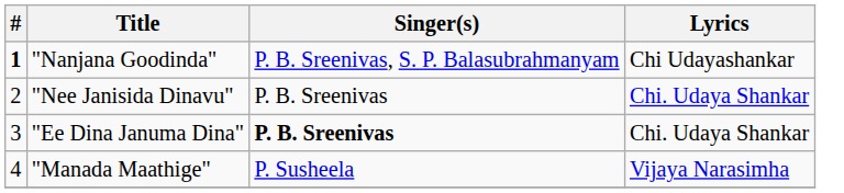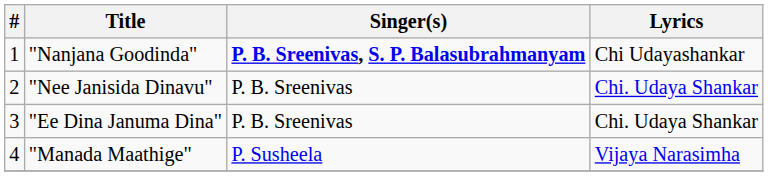 <table class="wikitable" style="font-size:95%;">
 <tr>
 <th>#</th>
 <th>Title</th>
 <th>Singer(s)</th>
 <th>Lyrics</th>
 </tr>
 <tr>
-<td><strong>1</strong></td>
+<td>1</td>
 <td>"Nanjana Goodinda"</td>
-<td><a href='#'>P. B. Sreenivas</a>, <a href='#'>S. P. Balasubrahmanyam</a></td>
+<td><strong><a href='#'>P. B. Sreenivas</a>, <a href='#'>S. P. Balasubrahmanyam</a></strong></td>
 <td>Chi Udayashankar</td>
 </tr>
 <tr>
 <td>2</td>
 <td>"Nee Janisida Dinavu"</td>
 <td>P. B. Sreenivas</td>
 <td><a href='#'>Chi. Udaya Shankar</a></td>
 </tr>
 <tr>
 <td>3</td>
 <td>"Ee Dina Januma Dina"</td>
-<td><strong>P. B. Sreenivas</strong></td>
+<td>P. B. Sreenivas</td>
 <td>Chi. Udaya Shankar</td>
 </tr>
 <tr>
 <td>4</td>
 <td>"Manada Maathige"</td>
 <td><a href='#'>P. Susheela</a></td>
 <td><a href='#'>Vijaya Narasimha</a></td>
 </tr>
 <tr>
 </tr>
 </table>
